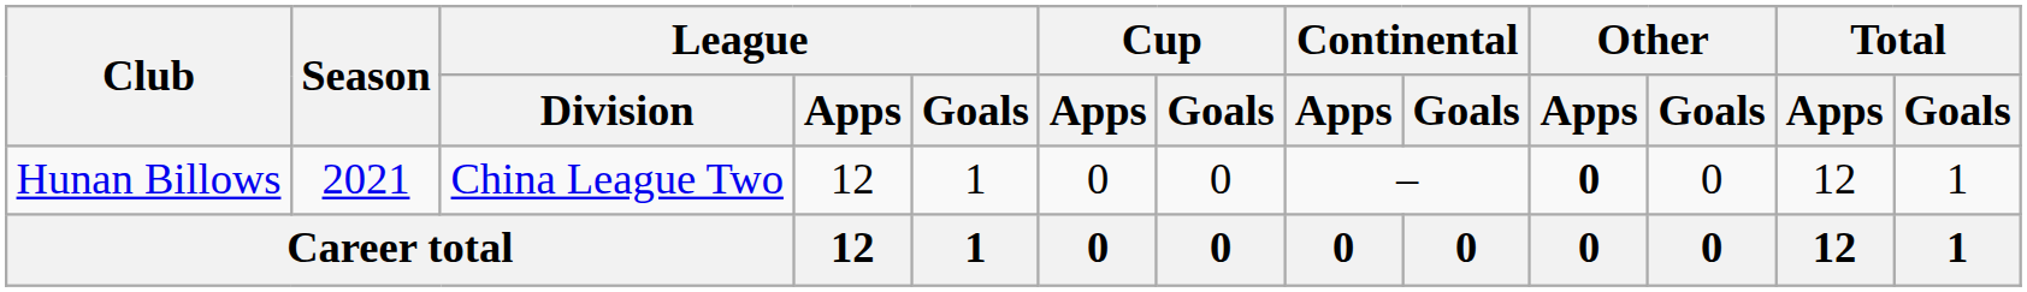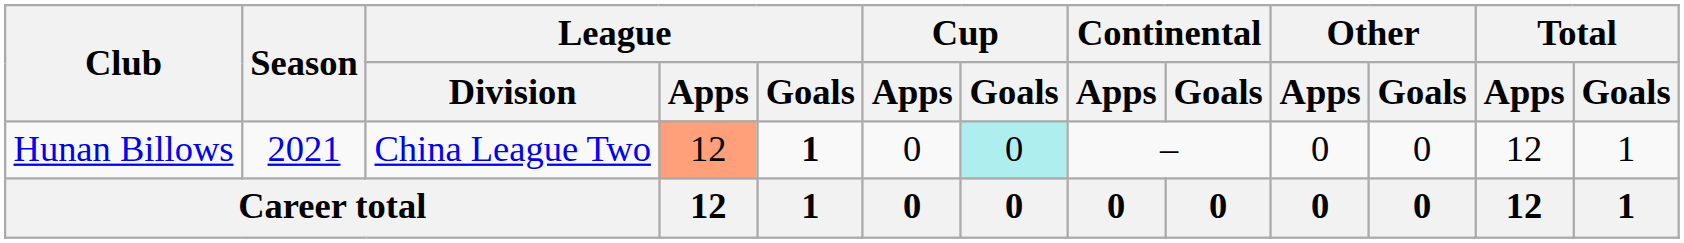 <table class="wikitable" style="text-align: center">
 <tr>
 <th rowspan="2">Club</th>
 <th rowspan="2">Season</th>
 <th colspan="3">League</th>
 <th colspan="2">Cup</th>
 <th colspan="2">Continental</th>
 <th colspan="2">Other</th>
 <th colspan="2">Total</th>
 </tr>
 <tr>
 <th>Division</th>
 <th>Apps</th>
 <th>Goals</th>
 <th>Apps</th>
 <th>Goals</th>
 <th>Apps</th>
 <th>Goals</th>
 <th>Apps</th>
 <th>Goals</th>
 <th>Apps</th>
 <th>Goals</th>
 </tr>
 <tr>
 <td><a href='#'>Hunan Billows</a></td>
 <td><a href='#'>2021</a></td>
 <td><a href='#'>China League Two</a></td>
-<td>12</td>
-<td>1</td>
+<td style="background: lightsalmon;">12</td>
+<td><strong>1</strong></td>
 <td>0</td>
+<td style="background: paleturquoise;">0</td>
+<td colspan="2">–</td>
 <td>0</td>
-<td colspan="2">–</td>
-<td><strong>0</strong></td>
 <td>0</td>
 <td>12</td>
 <td>1</td>
 </tr>
 <tr>
 <th colspan=3>Career total</th>
 <th>12</th>
 <th>1</th>
 <th>0</th>
 <th>0</th>
 <th>0</th>
 <th>0</th>
 <th>0</th>
 <th>0</th>
 <th>12</th>
 <th>1</th>
 </tr>
 </table>
